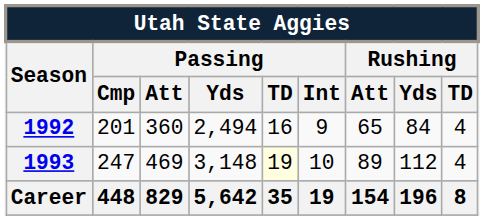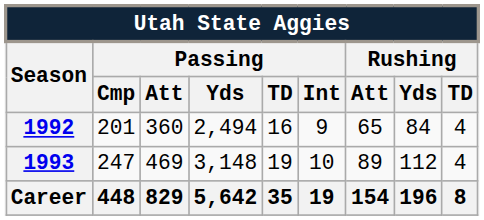 <table class=wikitable style="text-align:center;">
 <tr>
 <th colspan="12" style="background: #0F2439; border: 2px solid #9D968D; color:white;">Utah State Aggies</th>
 </tr>
 <tr>
 <th rowspan="2">Season</th>
 <th colspan="5">Passing</th>
 <th colspan="3">Rushing</th>
 </tr>
 <tr>
 <th>Cmp</th>
 <th>Att</th>
 <th>Yds</th>
 <th>TD</th>
 <th>Int</th>
 <th>Att</th>
 <th>Yds</th>
 <th>TD</th>
 </tr>
 <tr>
 <th><a href='#'>1992</a></th>
 <td>201</td>
 <td>360</td>
 <td>2,494</td>
 <td>16</td>
 <td>9</td>
 <td>65</td>
 <td>84</td>
 <td>4</td>
 </tr>
 <tr>
 <th><a href='#'>1993</a></th>
 <td>247</td>
 <td>469</td>
 <td>3,148</td>
-<td style="background: lightyellow;">19</td>
+<td>19</td>
 <td>10</td>
 <td>89</td>
 <td>112</td>
 <td>4</td>
 </tr>
 <tr>
 <th>Career</th>
 <th>448</th>
 <th>829</th>
 <th>5,642</th>
 <th>35</th>
 <th>19</th>
 <th>154</th>
 <th>196</th>
 <th>8</th>
 </tr>
 </table>
